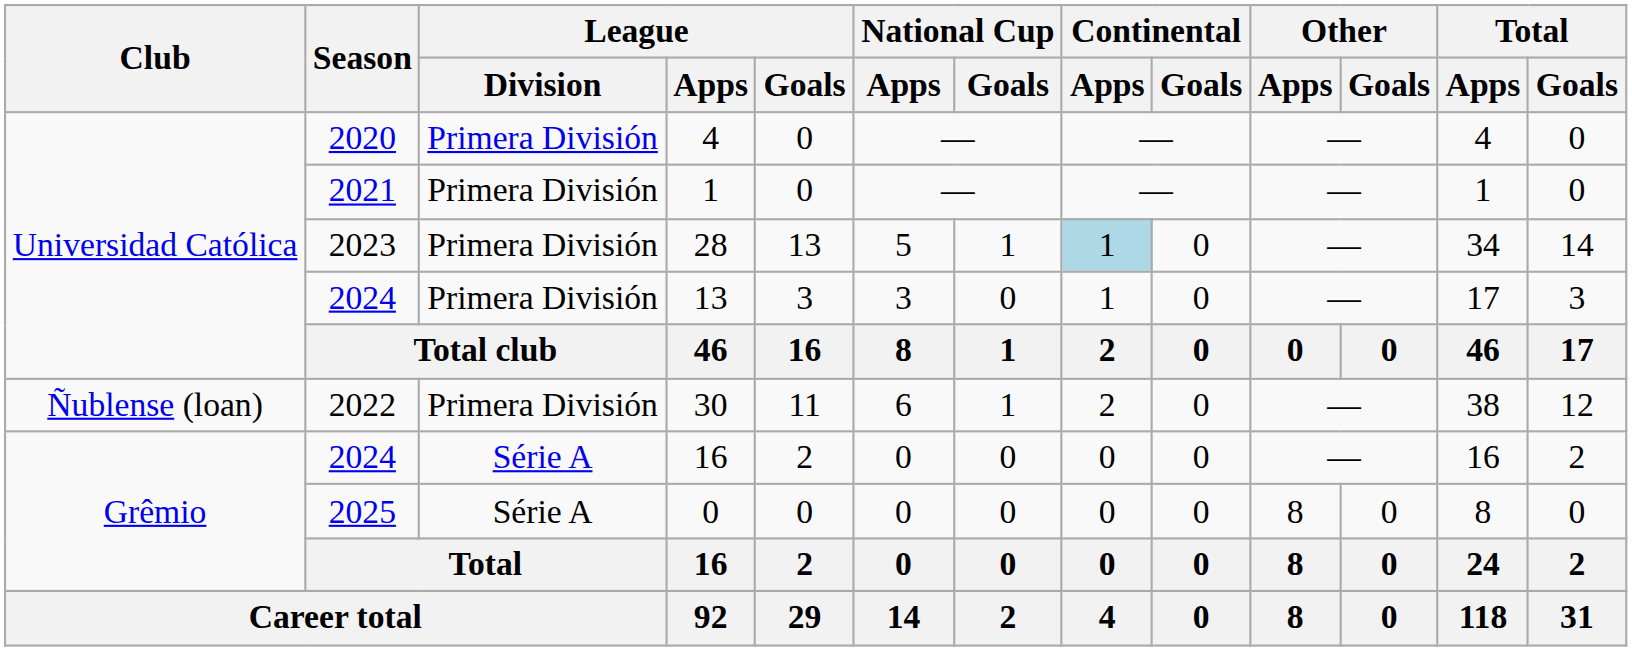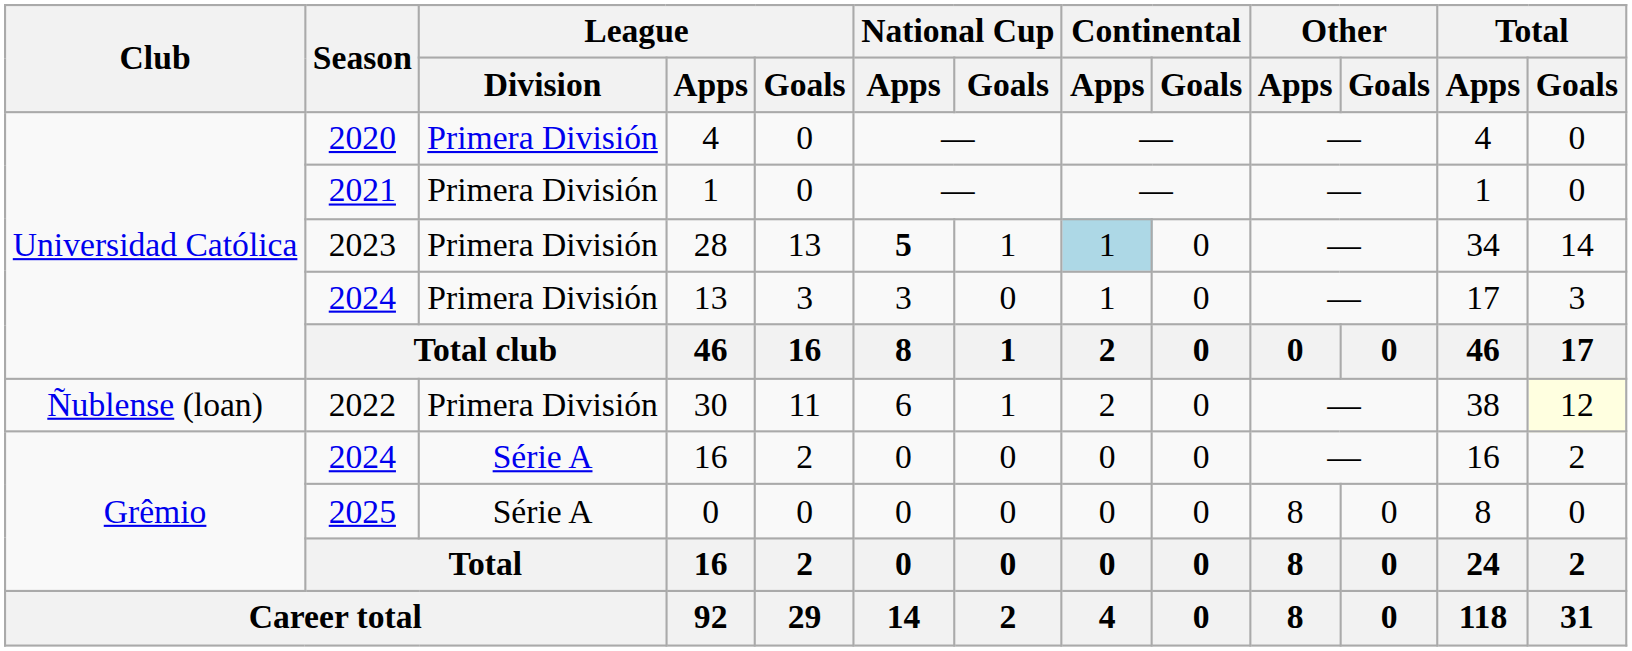 <table class="wikitable" style="text-align: center;">
 <tr>
 <th rowspan="2">Club</th>
 <th rowspan="2">Season</th>
 <th colspan="3">League</th>
 <th colspan="2">National Cup</th>
 <th colspan="2">Continental</th>
 <th colspan="2">Other</th>
 <th colspan="2">Total</th>
 </tr>
 <tr>
 <th>Division</th>
 <th>Apps</th>
 <th>Goals</th>
 <th>Apps</th>
 <th>Goals</th>
 <th>Apps</th>
 <th>Goals</th>
 <th>Apps</th>
 <th>Goals</th>
 <th>Apps</th>
 <th>Goals</th>
 </tr>
 <tr>
 <td rowspan="5"><a href='#'>Universidad Católica</a></td>
 <td><a href='#'>2020</a></td>
 <td><a href='#'>Primera División</a></td>
 <td>4</td>
 <td>0</td>
 <td colspan="2">—</td>
 <td colspan="2">—</td>
 <td colspan=2>—</td>
 <td>4</td>
 <td>0</td>
 </tr>
 <tr>
 <td><a href='#'>2021</a></td>
 <td>Primera División</td>
 <td>1</td>
 <td>0</td>
 <td colspan=2>—</td>
 <td colspan=2>—</td>
 <td colspan="2">—</td>
 <td>1</td>
 <td>0</td>
 </tr>
 <tr>
 <td>2023</td>
 <td>Primera División</td>
 <td>28</td>
 <td>13</td>
-<td>5</td>
+<td><strong>5</strong></td>
 <td>1</td>
 <td style="background: lightblue;">1</td>
 <td>0</td>
 <td colspan="2">—</td>
 <td>34</td>
 <td>14</td>
 </tr>
 <tr>
 <td><a href='#'>2024</a></td>
 <td>Primera División</td>
 <td>13</td>
 <td>3</td>
 <td>3</td>
 <td>0</td>
 <td>1</td>
 <td>0</td>
 <td colspan="2">—</td>
 <td>17</td>
 <td>3</td>
 </tr>
 <tr>
 <th colspan="2">Total club</th>
 <th>46</th>
 <th>16</th>
 <th>8</th>
 <th>1</th>
 <th>2</th>
 <th>0</th>
 <th>0</th>
 <th>0</th>
 <th>46</th>
 <th>17</th>
 </tr>
 <tr>
 <td><a href='#'>Ñublense</a> (loan)</td>
 <td>2022</td>
 <td>Primera División</td>
 <td>30</td>
 <td>11</td>
 <td>6</td>
 <td>1</td>
 <td>2</td>
 <td>0</td>
 <td colspan="2">—</td>
 <td>38</td>
-<td>12</td>
+<td style="background: lightyellow;">12</td>
 </tr>
 <tr>
 <td rowspan="3"><a href='#'>Grêmio</a></td>
 <td><a href='#'>2024</a></td>
 <td><a href='#'>Série A</a></td>
 <td>16</td>
 <td>2</td>
 <td>0</td>
 <td>0</td>
 <td>0</td>
 <td>0</td>
 <td colspan="2">—</td>
 <td>16</td>
 <td>2</td>
 </tr>
 <tr>
 <td><a href='#'>2025</a></td>
 <td>Série A</td>
 <td>0</td>
 <td>0</td>
 <td>0</td>
 <td>0</td>
 <td>0</td>
 <td>0</td>
 <td>8</td>
 <td>0</td>
 <td>8</td>
 <td>0</td>
 </tr>
 <tr>
 <th colspan="2">Total</th>
 <th>16</th>
 <th>2</th>
 <th>0</th>
 <th>0</th>
 <th>0</th>
 <th>0</th>
 <th>8</th>
 <th>0</th>
 <th>24</th>
 <th>2</th>
 </tr>
 <tr>
 <th colspan="3">Career total</th>
 <th>92</th>
 <th>29</th>
 <th>14</th>
 <th>2</th>
 <th>4</th>
 <th>0</th>
 <th>8</th>
 <th>0</th>
 <th>118</th>
 <th>31</th>
 </tr>
 </table>
